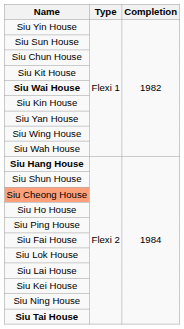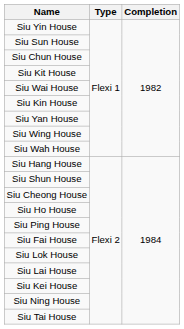 <table class="wikitable" style="text-align: center">
 <tr>
 <th>Name</th>
 <th>Type</th>
 <th>Completion</th>
 </tr>
 <tr>
 <td>Siu Yin House</td>
 <td rowspan="9">Flexi 1</td>
 <td rowspan="9">1982</td>
 </tr>
 <tr>
 <td>Siu Sun House</td>
 </tr>
 <tr>
 <td>Siu Chun House</td>
 </tr>
 <tr>
 <td>Siu Kit House</td>
 </tr>
 <tr>
-<td><strong>Siu Wai House</strong></td>
+<td>Siu Wai House</td>
 </tr>
 <tr>
 <td>Siu Kin House</td>
 </tr>
 <tr>
 <td>Siu Yan House</td>
 </tr>
 <tr>
 <td>Siu Wing House</td>
 </tr>
 <tr>
 <td>Siu Wah House</td>
 </tr>
 <tr>
-<td><strong>Siu Hang House</strong></td>
+<td>Siu Hang House</td>
 <td rowspan="11">Flexi 2</td>
 <td rowspan="11">1984</td>
 </tr>
 <tr>
 <td>Siu Shun House</td>
 </tr>
 <tr>
-<td style="background: lightsalmon;">Siu Cheong House</td>
+<td>Siu Cheong House</td>
 </tr>
 <tr>
 <td>Siu Ho House</td>
 </tr>
 <tr>
 <td>Siu Ping House</td>
 </tr>
 <tr>
 <td>Siu Fai House</td>
 </tr>
 <tr>
 <td>Siu Lok House</td>
 </tr>
 <tr>
 <td>Siu Lai House</td>
 </tr>
 <tr>
 <td>Siu Kei House</td>
 </tr>
 <tr>
 <td>Siu Ning House</td>
 </tr>
 <tr>
-<td><strong>Siu Tai House</strong></td>
+<td>Siu Tai House</td>
 </tr>
 </table>
